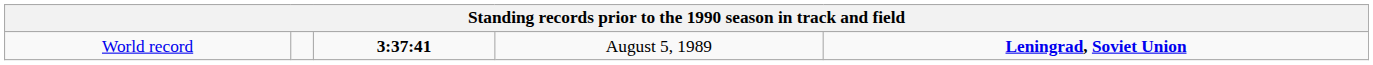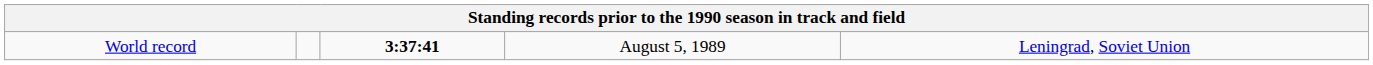 <table class="wikitable" style="text-align:center; width:100%">
 <tr>
 <th colspan="5">Standing records prior to the 1990 season in track and field</th>
 </tr>
 <tr>
 <td><a href='#'>World record</a></td>
 <td></td>
 <td><strong>3:37:41</strong></td>
 <td>August 5, 1989</td>
-<td><strong> <a href='#'>Leningrad</a>, <a href='#'>Soviet Union</a></strong></td>
+<td> <a href='#'>Leningrad</a>, <a href='#'>Soviet Union</a></td>
 </tr>
 </table>
